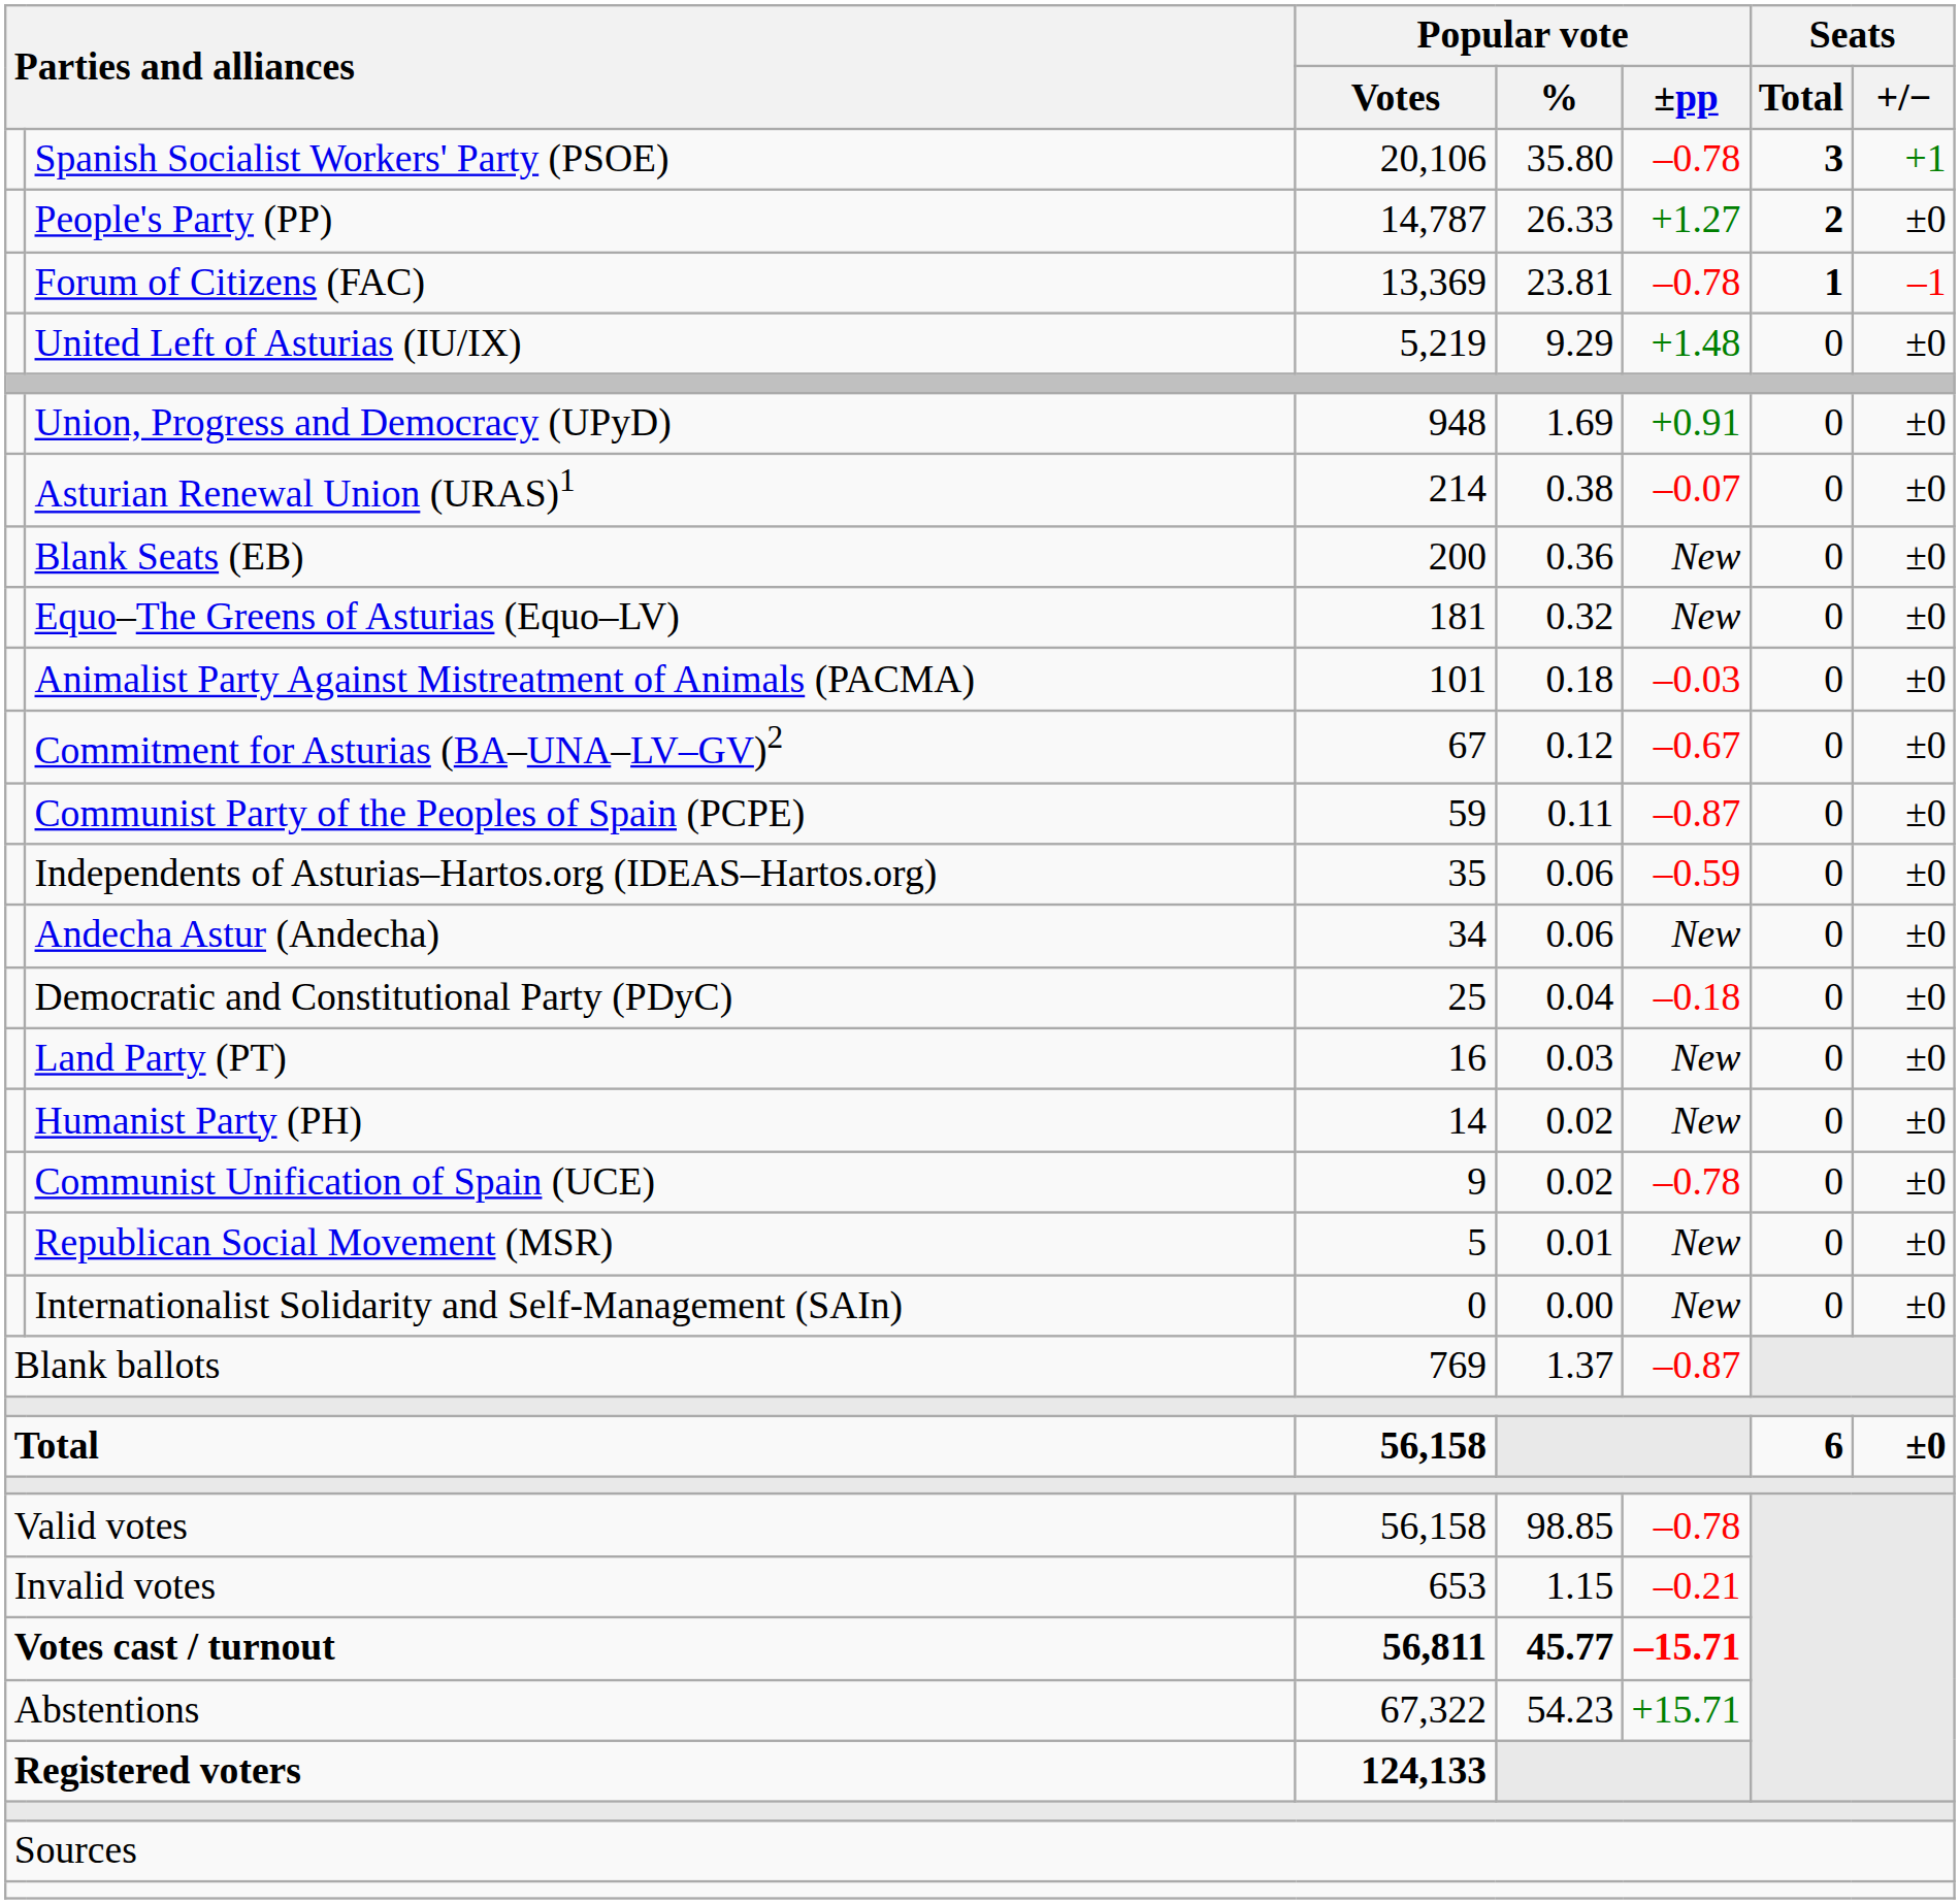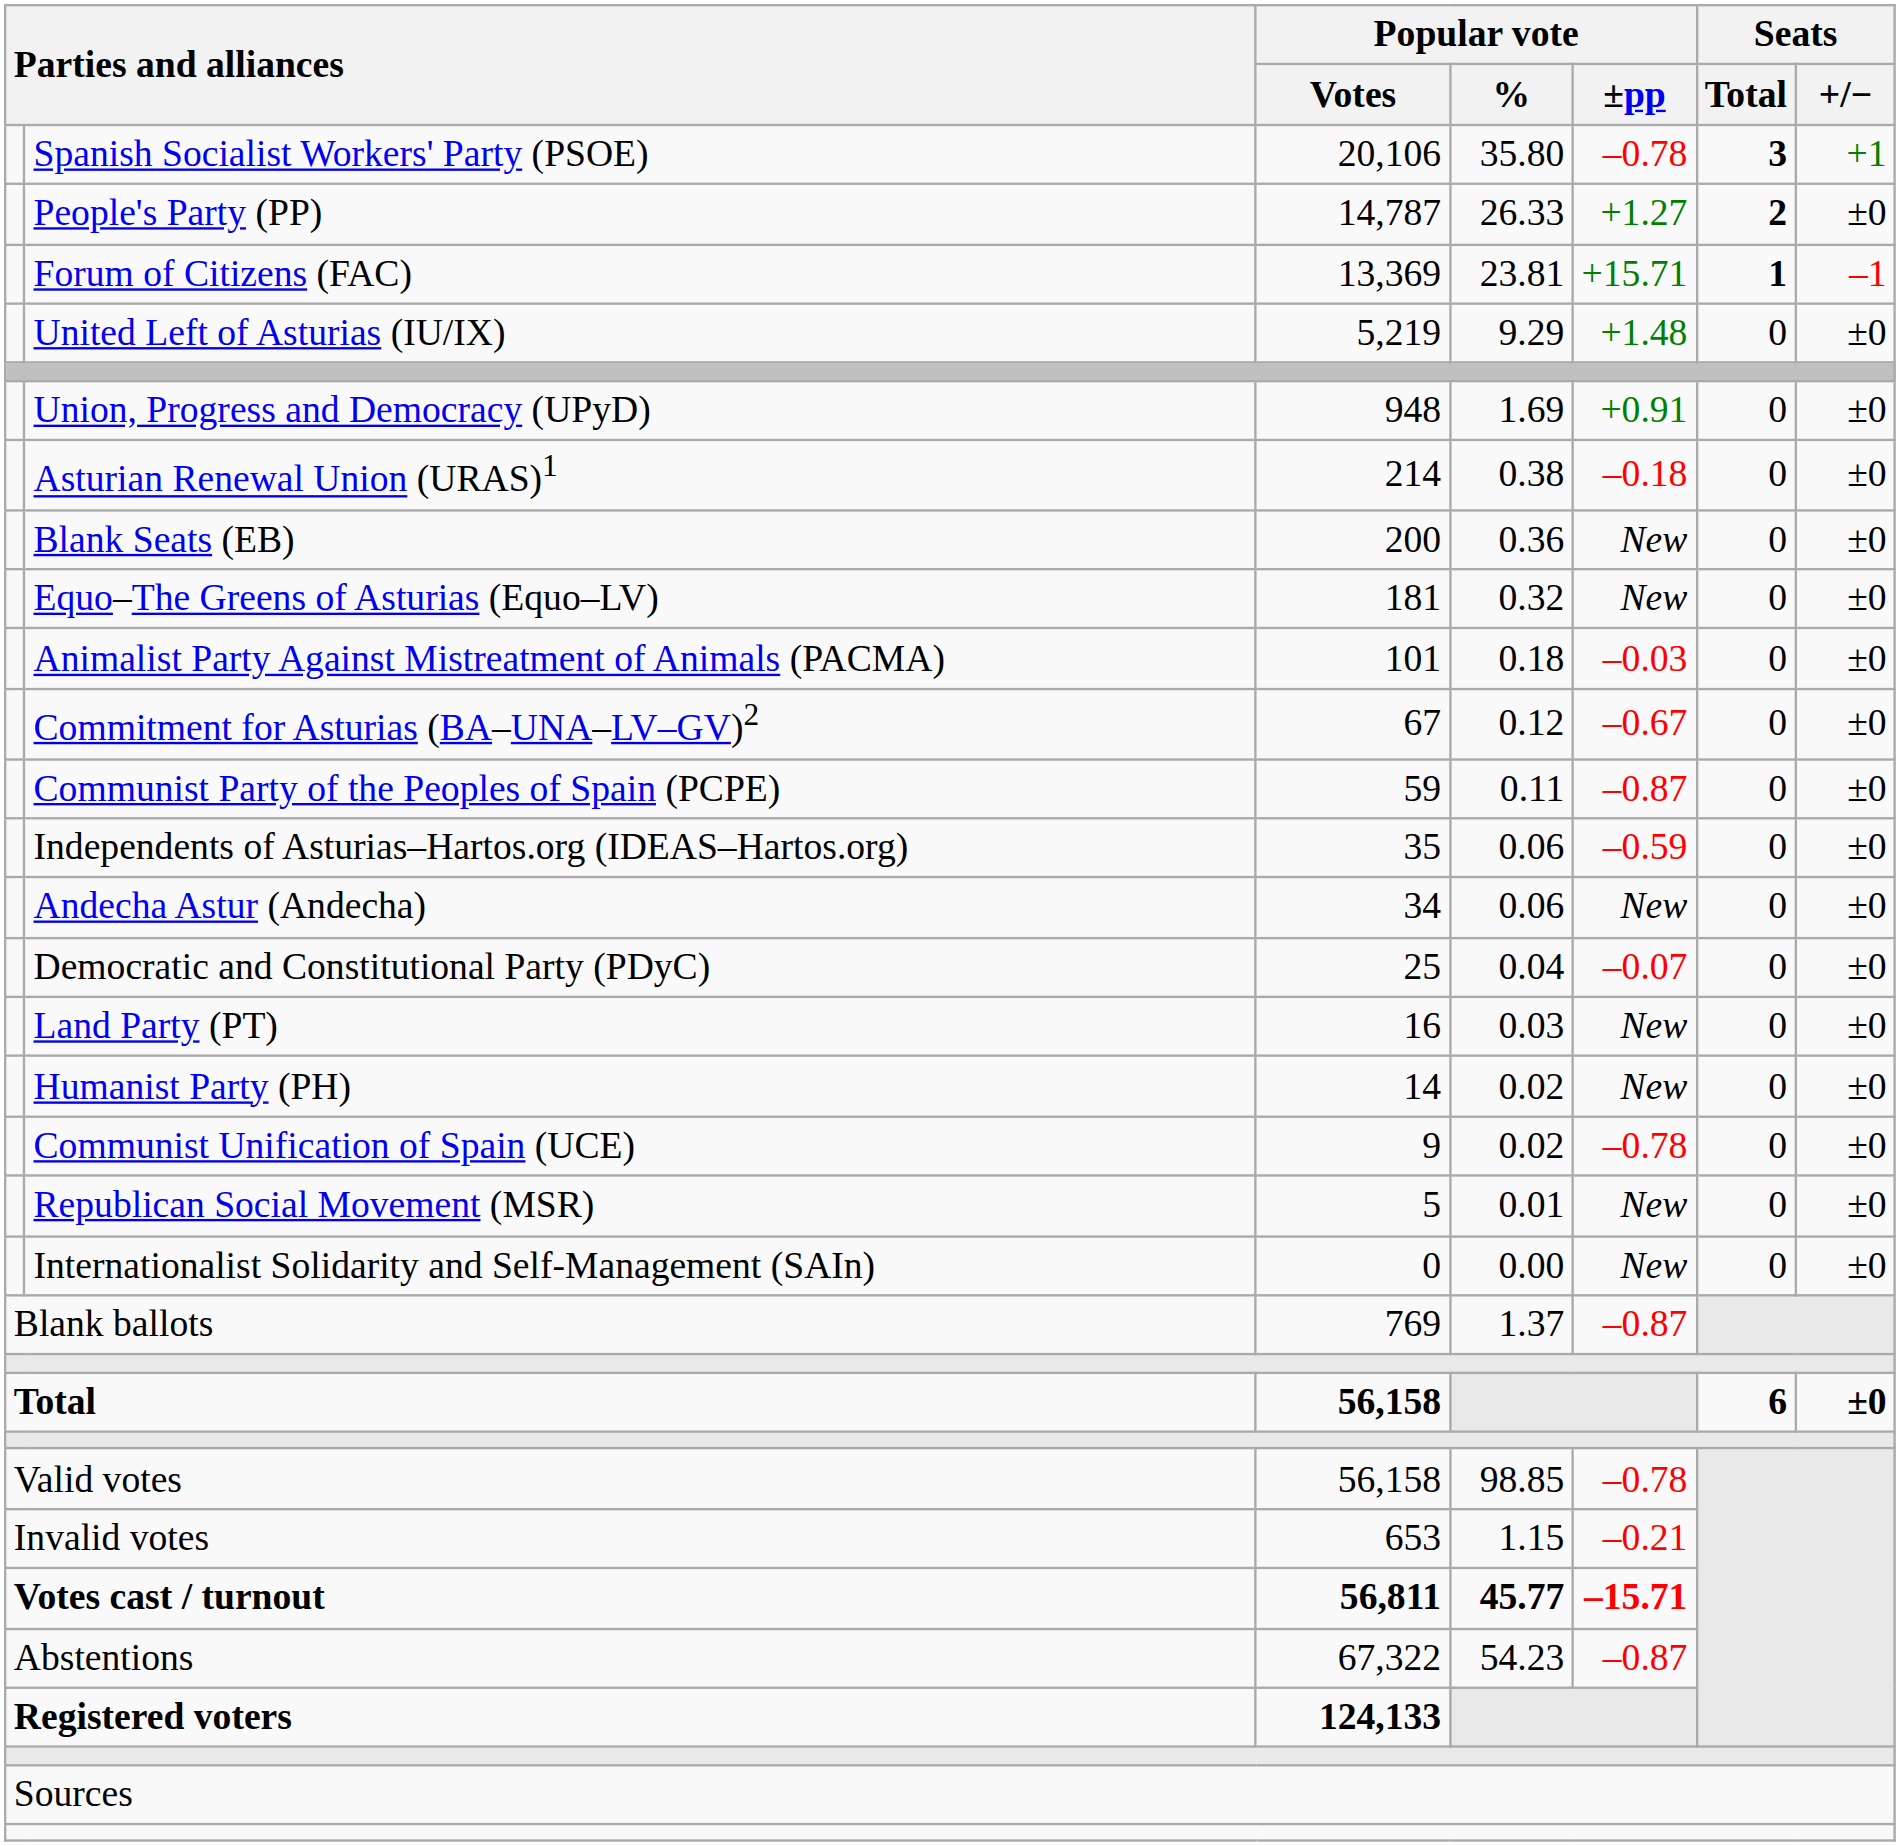 <table class="wikitable" style="text-align:right;">
 <tr>
 <th style="text-align:left;" rowspan="2" colspan="2" width="525">Parties and alliances</th>
 <th colspan="3">Popular vote</th>
 <th colspan="2">Seats</th>
 </tr>
 <tr>
 <th width="75">Votes</th>
 <th width="45">%</th>
 <th width="45">±<a href='#'>pp</a></th>
 <th width="35">Total</th>
 <th width="35">+/−</th>
 </tr>
 <tr>
 <td width="1" style="color:inherit;background:"></td>
 <td align="left"><a href='#'>Spanish Socialist Workers' Party</a> (PSOE)</td>
 <td>20,106</td>
 <td>35.80</td>
 <td style="color:red;">–0.78</td>
 <td><strong>3</strong></td>
 <td style="color:green;">+1</td>
 </tr>
 <tr>
 <td style="color:inherit;background:"></td>
 <td align="left"><a href='#'>People's Party</a> (PP)</td>
 <td>14,787</td>
 <td>26.33</td>
 <td style="color:green;">+1.27</td>
 <td><strong>2</strong></td>
 <td>±0</td>
 </tr>
 <tr>
 <td style="color:inherit;background:"></td>
 <td align="left"><a href='#'>Forum of Citizens</a> (FAC)</td>
 <td>13,369</td>
 <td>23.81</td>
-<td style="color:red;">–0.78</td>
+<td style="color:green;">+15.71</td>
 <td><strong>1</strong></td>
 <td style="color:red;">–1</td>
 </tr>
 <tr>
 <td style="color:inherit;background:"></td>
 <td align="left"><a href='#'>United Left of Asturias</a> (IU/IX)</td>
 <td>5,219</td>
 <td>9.29</td>
 <td style="color:green;">+1.48</td>
 <td>0</td>
 <td>±0</td>
 </tr>
 <tr>
 <td colspan="7" bgcolor="#C0C0C0"></td>
 </tr>
 <tr>
 <td style="color:inherit;background:"></td>
 <td align="left"><a href='#'>Union, Progress and Democracy</a> (UPyD)</td>
 <td>948</td>
 <td>1.69</td>
 <td style="color:green;">+0.91</td>
 <td>0</td>
 <td>±0</td>
 </tr>
 <tr>
 <td style="color:inherit;background:"></td>
 <td align="left"><a href='#'>Asturian Renewal Union</a> (URAS)<sup>1</sup></td>
 <td>214</td>
 <td>0.38</td>
-<td style="color:red;">–0.07</td>
+<td style="color:red;">–0.18</td>
 <td>0</td>
 <td>±0</td>
 </tr>
 <tr>
 <td style="color:inherit;background:"></td>
 <td align="left"><a href='#'>Blank Seats</a> (EB)</td>
 <td>200</td>
 <td>0.36</td>
 <td><em>New</em></td>
 <td>0</td>
 <td>±0</td>
 </tr>
 <tr>
 <td style="color:inherit;background:"></td>
 <td align="left"><a href='#'>Equo</a>–<a href='#'>The Greens of Asturias</a> (Equo–LV)</td>
 <td>181</td>
 <td>0.32</td>
 <td><em>New</em></td>
 <td>0</td>
 <td>±0</td>
 </tr>
 <tr>
 <td style="color:inherit;background:"></td>
 <td align="left"><a href='#'>Animalist Party Against Mistreatment of Animals</a> (PACMA)</td>
 <td>101</td>
 <td>0.18</td>
 <td style="color:red;">–0.03</td>
 <td>0</td>
 <td>±0</td>
 </tr>
 <tr>
 <td style="color:inherit;background:"></td>
 <td align="left"><a href='#'>Commitment for Asturias</a> (<a href='#'>BA</a>–<a href='#'>UNA</a>–<a href='#'>LV–GV</a>)<sup>2</sup></td>
 <td>67</td>
 <td>0.12</td>
 <td style="color:red;">–0.67</td>
 <td>0</td>
 <td>±0</td>
 </tr>
 <tr>
 <td style="color:inherit;background:"></td>
 <td align="left"><a href='#'>Communist Party of the Peoples of Spain</a> (PCPE)</td>
 <td>59</td>
 <td>0.11</td>
 <td style="color:red;">–0.87</td>
 <td>0</td>
 <td>±0</td>
 </tr>
 <tr>
 <td style="color:inherit;background:"></td>
 <td align="left">Independents of Asturias–Hartos.org (IDEAS–Hartos.org)</td>
 <td>35</td>
 <td>0.06</td>
 <td style="color:red;">–0.59</td>
 <td>0</td>
 <td>±0</td>
 </tr>
 <tr>
 <td style="color:inherit;background:"></td>
 <td align="left"><a href='#'>Andecha Astur</a> (Andecha)</td>
 <td>34</td>
 <td>0.06</td>
 <td><em>New</em></td>
 <td>0</td>
 <td>±0</td>
 </tr>
 <tr>
 <td style="color:inherit;background:"></td>
 <td align="left">Democratic and Constitutional Party (PDyC)</td>
 <td>25</td>
 <td>0.04</td>
-<td style="color:red;">–0.18</td>
+<td style="color:red;">–0.07</td>
 <td>0</td>
 <td>±0</td>
 </tr>
 <tr>
 <td style="color:inherit;background:"></td>
 <td align="left"><a href='#'>Land Party</a> (PT)</td>
 <td>16</td>
 <td>0.03</td>
 <td><em>New</em></td>
 <td>0</td>
 <td>±0</td>
 </tr>
 <tr>
 <td style="color:inherit;background:"></td>
 <td align="left"><a href='#'>Humanist Party</a> (PH)</td>
 <td>14</td>
 <td>0.02</td>
 <td><em>New</em></td>
 <td>0</td>
 <td>±0</td>
 </tr>
 <tr>
 <td style="color:inherit;background:"></td>
 <td align="left"><a href='#'>Communist Unification of Spain</a> (UCE)</td>
 <td>9</td>
 <td>0.02</td>
 <td style="color:red;">–0.78</td>
 <td>0</td>
 <td>±0</td>
 </tr>
 <tr>
 <td style="color:inherit;background:"></td>
 <td align="left"><a href='#'>Republican Social Movement</a> (MSR)</td>
 <td>5</td>
 <td>0.01</td>
 <td><em>New</em></td>
 <td>0</td>
 <td>±0</td>
 </tr>
 <tr>
 <td style="color:inherit;background:"></td>
 <td align="left">Internationalist Solidarity and Self-Management (SAIn)</td>
 <td>0</td>
 <td>0.00</td>
 <td><em>New</em></td>
 <td>0</td>
 <td>±0</td>
 </tr>
 <tr>
 <td align="left" colspan="2">Blank ballots</td>
 <td>769</td>
 <td>1.37</td>
 <td style="color:red;">–0.87</td>
 <td bgcolor="#E9E9E9" colspan="2"></td>
 </tr>
 <tr>
 <td colspan="7" bgcolor="#E9E9E9"></td>
 </tr>
 <tr style="font-weight:bold;">
 <td align="left" colspan="2">Total</td>
 <td>56,158</td>
 <td bgcolor="#E9E9E9" colspan="2"></td>
 <td>6</td>
 <td>±0</td>
 </tr>
 <tr>
 <td colspan="7" bgcolor="#E9E9E9"></td>
 </tr>
 <tr>
 <td align="left" colspan="2">Valid votes</td>
 <td>56,158</td>
 <td>98.85</td>
 <td style="color:red;">–0.78</td>
 <td bgcolor="#E9E9E9" colspan="2" rowspan="5"></td>
 </tr>
 <tr>
 <td align="left" colspan="2">Invalid votes</td>
 <td>653</td>
 <td>1.15</td>
 <td style="color:red;">–0.21</td>
 </tr>
 <tr style="font-weight:bold;">
 <td align="left" colspan="2">Votes cast / turnout</td>
 <td>56,811</td>
 <td>45.77</td>
 <td style="color:red;">–15.71</td>
 </tr>
 <tr>
 <td align="left" colspan="2">Abstentions</td>
 <td>67,322</td>
 <td>54.23</td>
-<td style="color:green;">+15.71</td>
+<td style="color:red;">–0.87</td>
 </tr>
 <tr style="font-weight:bold;">
 <td align="left" colspan="2">Registered voters</td>
 <td>124,133</td>
 <td bgcolor="#E9E9E9" colspan="2"></td>
 </tr>
 <tr>
 <td colspan="7" bgcolor="#E9E9E9"></td>
 </tr>
 <tr>
 <td align="left" colspan="7">Sources</td>
 </tr>
 <tr>
 <td colspan="7" style="text-align:left; max-width:790px;"></td>
 </tr>
 </table>
